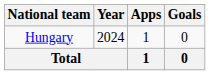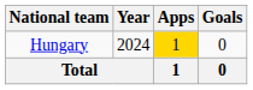 <table class=wikitable style="text-align: center">
 <tr>
 <th>National team</th>
 <th>Year</th>
 <th>Apps</th>
 <th>Goals</th>
 </tr>
 <tr>
 <td rowspan="1"><a href='#'>Hungary</a></td>
 <td>2024</td>
-<td>1</td>
+<td style="background: gold;">1</td>
 <td>0</td>
 </tr>
 <tr>
 <th colspan="2">Total</th>
 <th>1</th>
 <th>0</th>
 </tr>
 </table>
